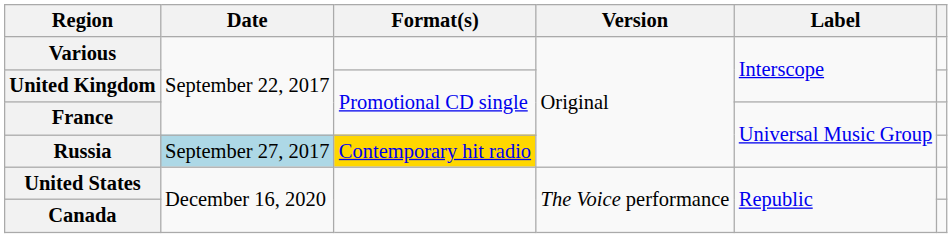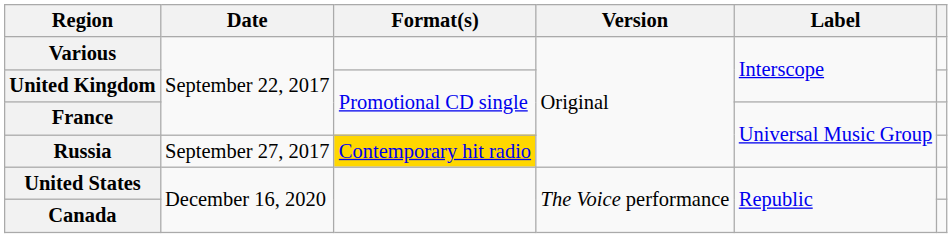 <table class="wikitable plainrowheaders">
 <tr>
 <th scope="col">Region</th>
 <th scope="col">Date</th>
 <th scope="col">Format(s)</th>
 <th scope="col">Version</th>
 <th scope="col">Label</th>
 <th scope="col"></th>
 </tr>
 <tr>
 <th scope="row">Various</th>
 <td rowspan="3">September 22, 2017</td>
 <td></td>
 <td rowspan="4">Original</td>
 <td rowspan="2"><a href='#'>Interscope</a></td>
 <td style="text-align:center;"></td>
 </tr>
 <tr>
 <th scope="row">United Kingdom</th>
 <td rowspan="2"><a href='#'>Promotional CD single</a></td>
 <td style="text-align:center;"></td>
 </tr>
 <tr>
 <th scope="row">France</th>
 <td rowspan="2"><a href='#'>Universal Music Group</a></td>
 <td style="text-align:center;"></td>
 </tr>
 <tr>
 <th scope="row">Russia</th>
-<td style="background: lightblue;">September 27, 2017</td>
+<td>September 27, 2017</td>
 <td style="background: gold;"><a href='#'>Contemporary hit radio</a></td>
 <td style="text-align:center;"></td>
 </tr>
 <tr>
 <th scope="row">United States</th>
 <td rowspan="2">December 16, 2020</td>
 <td rowspan="2"></td>
 <td rowspan="2"><em>The Voice</em> performance</td>
 <td rowspan="2"><a href='#'>Republic</a></td>
 <td style="text-align:center;"></td>
 </tr>
 <tr>
 <th scope="row">Canada</th>
 <td style="text-align:center;"></td>
 </tr>
 </table>
